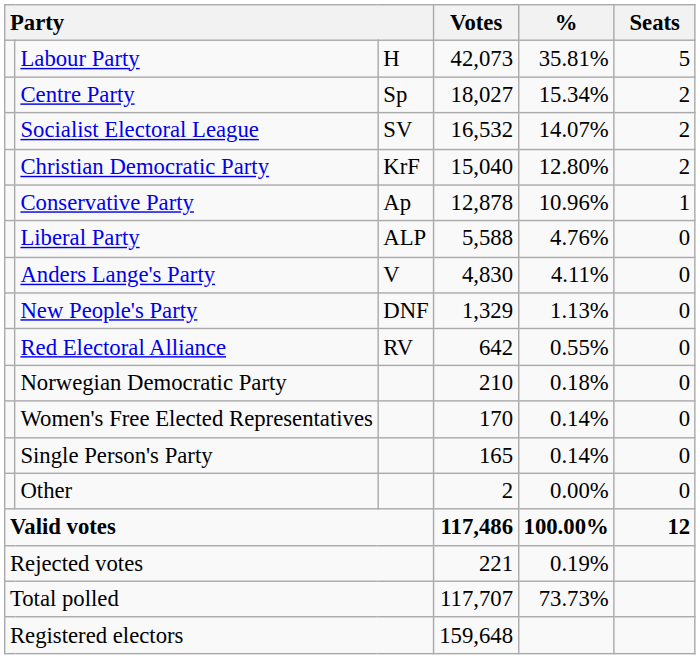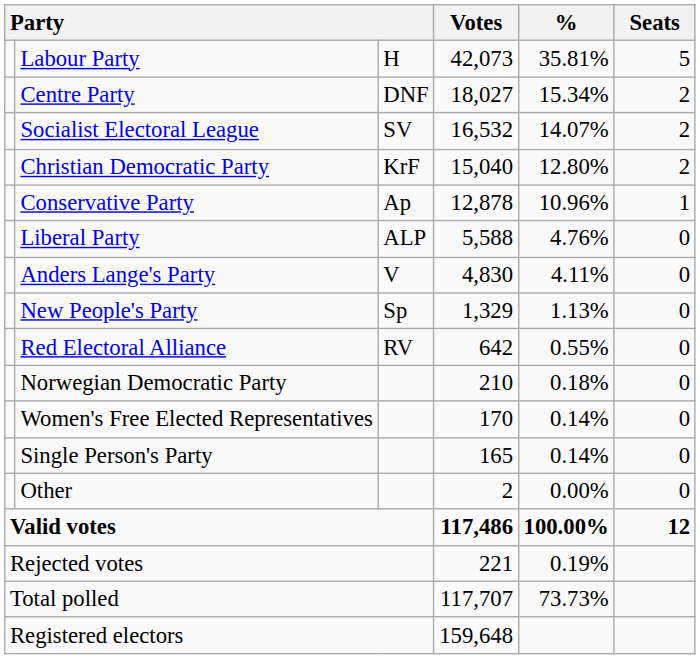 <table class="wikitable" border="1" style="text-align:right;">
 <tr>
 <th style="text-align:left;" colspan=3>Party</th>
 <th align=center width="50">Votes</th>
 <th align=center width="50">%</th>
 <th align=center width="50">Seats</th>
 </tr>
 <tr>
 <td style="color:inherit;background:"></td>
 <td align=left><a href='#'>Labour Party</a></td>
 <td align=left>H</td>
 <td>42,073</td>
 <td>35.81%</td>
 <td>5</td>
 </tr>
 <tr>
 <td style="color:inherit;background:"></td>
 <td align=left><a href='#'>Centre Party</a></td>
-<td align=left>Sp</td>
+<td align=left>DNF</td>
 <td>18,027</td>
 <td>15.34%</td>
 <td>2</td>
 </tr>
 <tr>
 <td style="color:inherit;background:"></td>
 <td align=left><a href='#'>Socialist Electoral League</a></td>
 <td align=left>SV</td>
 <td>16,532</td>
 <td>14.07%</td>
 <td>2</td>
 </tr>
 <tr>
 <td style="color:inherit;background:"></td>
 <td align=left><a href='#'>Christian Democratic Party</a></td>
 <td align=left>KrF</td>
 <td>15,040</td>
 <td>12.80%</td>
 <td>2</td>
 </tr>
 <tr>
 <td style="color:inherit;background:"></td>
 <td align=left><a href='#'>Conservative Party</a></td>
 <td align=left>Ap</td>
 <td>12,878</td>
 <td>10.96%</td>
 <td>1</td>
 </tr>
 <tr>
 <td style="color:inherit;background:"></td>
 <td align=left><a href='#'>Liberal Party</a></td>
 <td align=left>ALP</td>
 <td>5,588</td>
 <td>4.76%</td>
 <td>0</td>
 </tr>
 <tr>
 <td style="color:inherit;background:"></td>
 <td align=left><a href='#'>Anders Lange's Party</a></td>
 <td align=left>V</td>
 <td>4,830</td>
 <td>4.11%</td>
 <td>0</td>
 </tr>
 <tr>
 <td style="color:inherit;background:"></td>
 <td align=left><a href='#'>New People's Party</a></td>
-<td align=left>DNF</td>
+<td align=left>Sp</td>
 <td>1,329</td>
 <td>1.13%</td>
 <td>0</td>
 </tr>
 <tr>
 <td style="color:inherit;background:"></td>
 <td align=left><a href='#'>Red Electoral Alliance</a></td>
 <td align=left>RV</td>
 <td>642</td>
 <td>0.55%</td>
 <td>0</td>
 </tr>
 <tr>
 <td></td>
 <td align=left>Norwegian Democratic Party</td>
 <td align=left></td>
 <td>210</td>
 <td>0.18%</td>
 <td>0</td>
 </tr>
 <tr>
 <td></td>
 <td align=left>Women's Free Elected Representatives</td>
 <td align=left></td>
 <td>170</td>
 <td>0.14%</td>
 <td>0</td>
 </tr>
 <tr>
 <td></td>
 <td align=left>Single Person's Party</td>
 <td align=left></td>
 <td>165</td>
 <td>0.14%</td>
 <td>0</td>
 </tr>
 <tr>
 <td></td>
 <td align=left>Other</td>
 <td align=left></td>
 <td>2</td>
 <td>0.00%</td>
 <td>0</td>
 </tr>
 <tr style="font-weight:bold">
 <td align=left colspan=3>Valid votes</td>
 <td>117,486</td>
 <td>100.00%</td>
 <td>12</td>
 </tr>
 <tr>
 <td align=left colspan=3>Rejected votes</td>
 <td>221</td>
 <td>0.19%</td>
 <td></td>
 </tr>
 <tr>
 <td align=left colspan=3>Total polled</td>
 <td>117,707</td>
 <td>73.73%</td>
 <td></td>
 </tr>
 <tr>
 <td align=left colspan=3>Registered electors</td>
 <td>159,648</td>
 <td></td>
 <td></td>
 </tr>
 </table>
